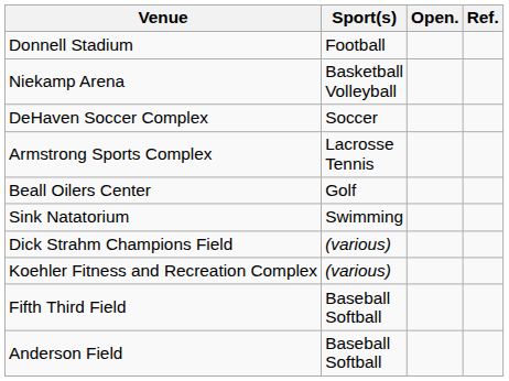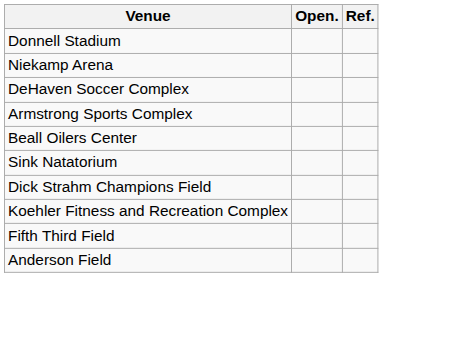 <table class="wikitable"; style= "text-align: ">
 <tr>
 <th width=px>Venue</th>
-<th width=px>Sport(s)</th>
 <th width=px>Open.</th>
 <th width=px>Ref.</th>
 </tr>
 <tr>
 <td>Donnell Stadium</td>
-<td>Football</td>
 <td></td>
 <td></td>
 </tr>
 <tr>
 <td>Niekamp Arena</td>
-<td>Basketball <br> Volleyball</td>
 <td></td>
 <td></td>
 </tr>
 <tr>
 <td>DeHaven Soccer Complex</td>
-<td>Soccer</td>
 <td></td>
 <td></td>
 </tr>
 <tr>
 <td>Armstrong Sports Complex</td>
-<td>Lacrosse <br> Tennis</td>
 <td></td>
 <td></td>
 </tr>
 <tr>
 <td>Beall Oilers Center</td>
-<td>Golf</td>
 <td></td>
 <td></td>
 </tr>
 <tr>
 <td>Sink Natatorium</td>
-<td>Swimming</td>
 <td></td>
 <td></td>
 </tr>
 <tr>
 <td>Dick Strahm Champions Field</td>
-<td><em>(various)</em></td>
 <td></td>
 <td></td>
 </tr>
 <tr>
 <td>Koehler Fitness and Recreation Complex</td>
-<td><em>(various)</em></td>
 <td></td>
 <td></td>
 </tr>
 <tr>
 <td>Fifth Third Field</td>
-<td>Baseball<br> Softball</td>
 <td></td>
 <td></td>
 </tr>
 <tr>
 <td>Anderson Field</td>
-<td>Baseball<br>Softball</td>
 <td></td>
 <td></td>
 </tr>
 </table>
